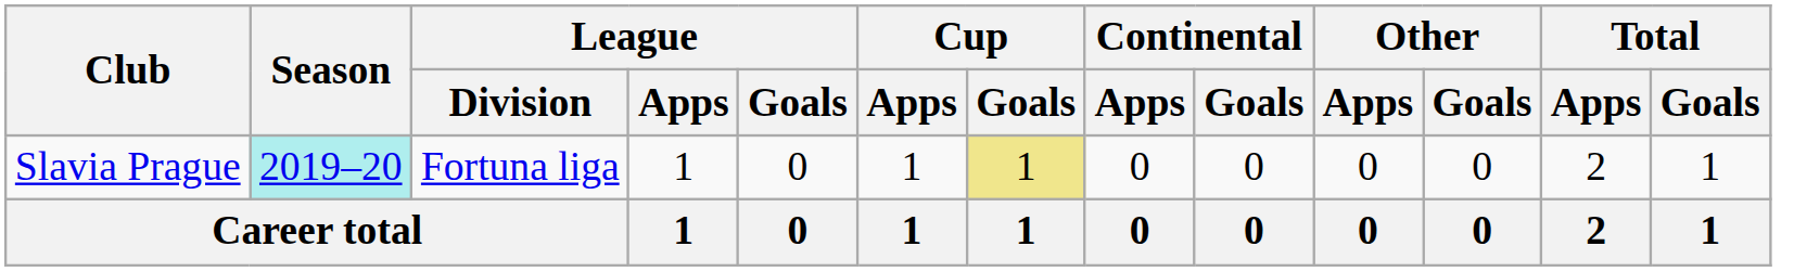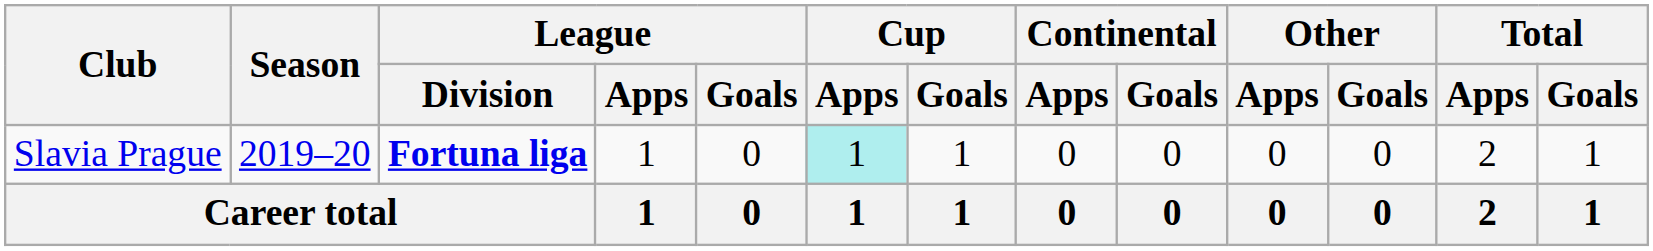 <table class="wikitable" style="text-align: center">
 <tr>
 <th rowspan="2">Club</th>
 <th rowspan="2">Season</th>
 <th colspan="3">League</th>
 <th colspan="2">Cup</th>
 <th colspan="2">Continental</th>
 <th colspan="2">Other</th>
 <th colspan="2">Total</th>
 </tr>
 <tr>
 <th>Division</th>
 <th>Apps</th>
 <th>Goals</th>
 <th>Apps</th>
 <th>Goals</th>
 <th>Apps</th>
 <th>Goals</th>
 <th>Apps</th>
 <th>Goals</th>
 <th>Apps</th>
 <th>Goals</th>
 </tr>
 <tr>
 <td><a href='#'>Slavia Prague</a></td>
-<td style="background: paleturquoise;"><a href='#'>2019–20</a></td>
-<td><a href='#'>Fortuna liga</a></td>
+<td><a href='#'>2019–20</a></td>
+<td><strong><a href='#'>Fortuna liga</a></strong></td>
 <td>1</td>
 <td>0</td>
+<td style="background: paleturquoise;">1</td>
 <td>1</td>
-<td style="background: khaki;">1</td>
 <td>0</td>
 <td>0</td>
 <td>0</td>
 <td>0</td>
 <td>2</td>
 <td>1</td>
 </tr>
 <tr>
 <th colspan="3"><strong>Career total</strong></th>
 <th>1</th>
 <th>0</th>
 <th>1</th>
 <th>1</th>
 <th>0</th>
 <th>0</th>
 <th>0</th>
 <th>0</th>
 <th>2</th>
 <th>1</th>
 </tr>
 </table>
